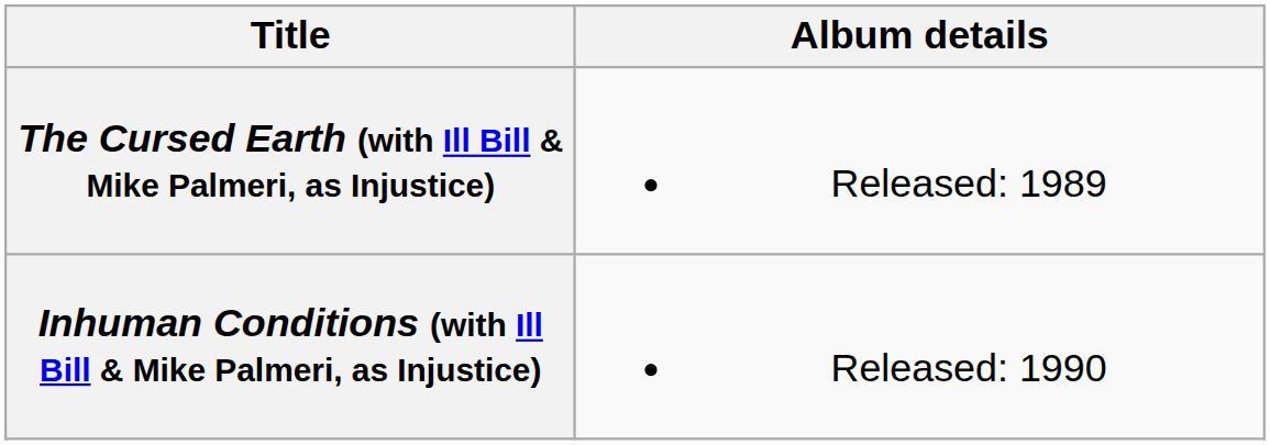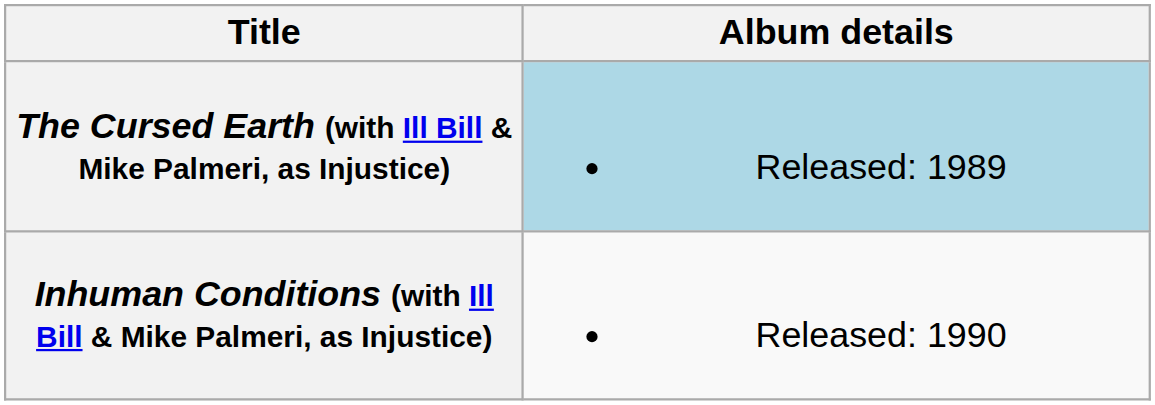 <table class="wikitable plainrowheaders" style="text-align:center;">
 <tr>
 <th scope="col" style="width:14em;">Title</th>
 <th scope="col" style="width:17em;">Album details</th>
 </tr>
 <tr>
 <th scope="row"><em>The Cursed Earth</em> <small>(with <a href='#'>Ill Bill</a> & Mike Palmeri, as Injustice)</small></th>
-<td><br><ul><li>Released: 1989</li></ul></td>
+<td style="background: lightblue;"><br><ul><li>Released: 1989</li></ul></td>
 </tr>
 <tr>
 <th scope="row"><em>Inhuman Conditions</em> <small>(with <a href='#'>Ill Bill</a> & Mike Palmeri, as Injustice)</small></th>
 <td><br><ul><li>Released: 1990</li></ul></td>
 </tr>
 </table>
